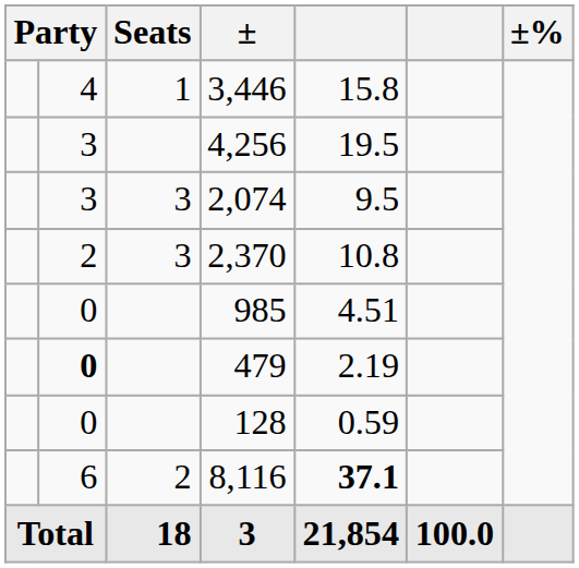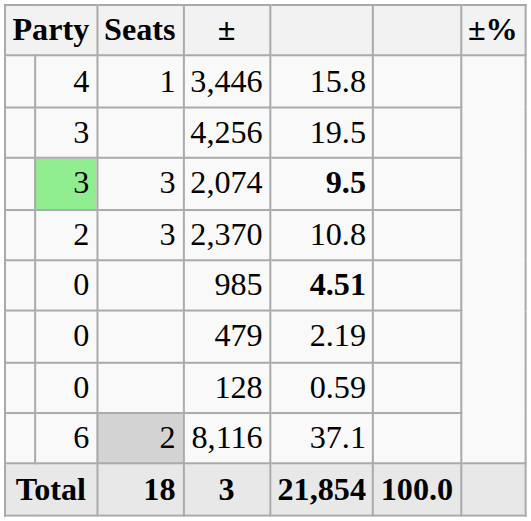 <table class=wikitable>
 <tr>
 <th colspan=2 align=center>Party</th>
 <th>Seats</th>
 <th>±</th>
 <th></th>
 <th></th>
 <th>±%</th>
 </tr>
 <tr>
 <td></td>
 <td align=right>4</td>
 <td align=right>1</td>
 <td align=right>3,446</td>
 <td align=right>15.8</td>
 <td align=right></td>
 </tr>
 <tr>
 <td></td>
 <td align=right>3</td>
 <td align=right></td>
 <td align=right>4,256</td>
 <td align=right>19.5</td>
 <td align=right></td>
 </tr>
 <tr>
 <td></td>
-<td align=right>3</td>
+<td align=right style="background: lightgreen;">3</td>
 <td align=right>3</td>
 <td align=right>2,074</td>
-<td align=right>9.5</td>
+<td align=right><strong>9.5</strong></td>
 <td align=right></td>
 </tr>
 <tr>
 <td></td>
 <td align=right>2</td>
 <td align=right>3</td>
 <td align=right>2,370</td>
 <td align=right>10.8</td>
 <td align=right></td>
 </tr>
 <tr>
 <td></td>
 <td align=right>0</td>
 <td align=right></td>
 <td align=right>985</td>
-<td align=right>4.51</td>
+<td align=right><strong>4.51</strong></td>
 <td align=right></td>
 </tr>
 <tr>
 <td></td>
-<td align=right><strong>0</strong></td>
+<td align=right>0</td>
 <td align=right></td>
 <td align=right>479</td>
 <td align=right>2.19</td>
 <td align=right></td>
 </tr>
 <tr>
 <td></td>
 <td align=right>0</td>
 <td align=right></td>
 <td align=right>128</td>
 <td align=right>0.59</td>
 <td align=right></td>
 </tr>
 <tr>
 <td></td>
 <td align=right>6</td>
-<td align=right>2</td>
+<td align=right style="background: lightgrey;">2</td>
 <td align=right>8,116</td>
-<td align=right><strong>37.1</strong></td>
+<td align=right>37.1</td>
 <td align=right></td>
 </tr>
 <tr style="font-weight:bold; background:rgb(232,232,232);">
 <td colspan=2 align=center>Total</td>
 <td align=right>18</td>
 <td align=center>3</td>
 <td align=right>21,854</td>
 <td align=center>100.0</td>
 <td align=center></td>
 </tr>
 </table>
